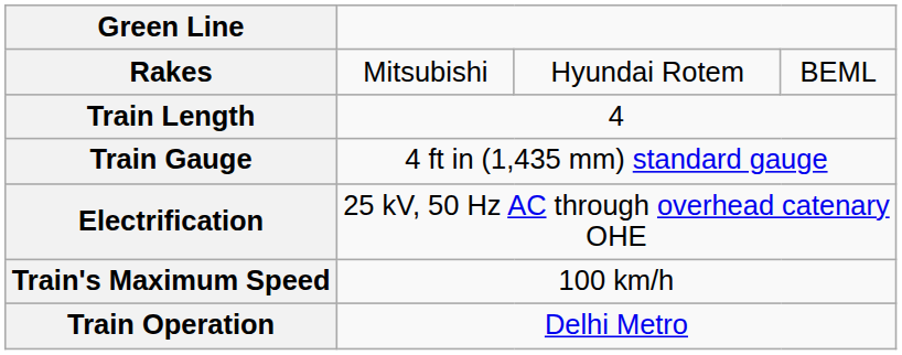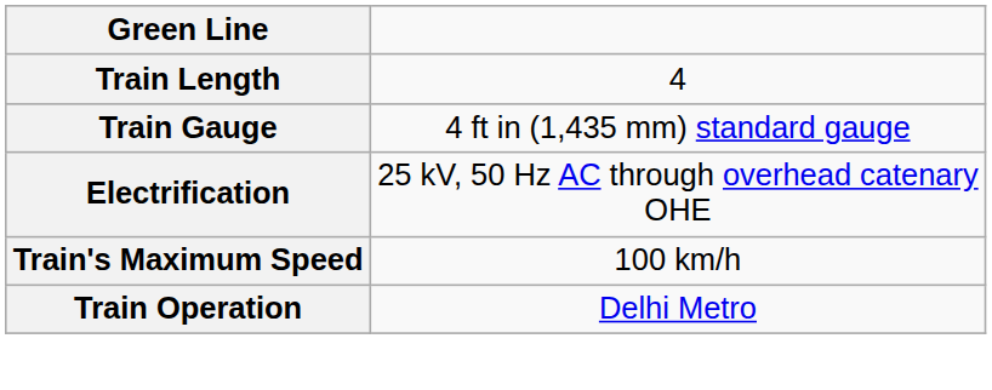 <table class="wikitable" style="text-align: center">
 <tr>
 <th style="background:#"><span>Green Line</span></th>
-</tr>
-<tr>
-<th>Rakes</th>
-<td>Mitsubishi</td>
-<td>Hyundai Rotem</td>
-<td>BEML</td>
 </tr>
 <tr>
 <th>Train Length</th>
 <td colspan="3">4</td>
 </tr>
 <tr>
 <th>Train Gauge</th>
 <td colspan="3">4 ft  in (1,435 mm) <a href='#'>standard gauge</a></td>
 </tr>
 <tr>
 <th>Electrification</th>
 <td colspan="3">25 kV, 50 Hz <a href='#'>AC</a> through <a href='#'>overhead catenary</a><br>OHE</td>
 </tr>
 <tr>
 <th>Train's Maximum Speed</th>
 <td colspan="3">100 km/h</td>
 </tr>
 <tr>
 <th>Train Operation</th>
 <td colspan="3"><a href='#'>Delhi Metro</a></td>
 </tr>
 </table>
